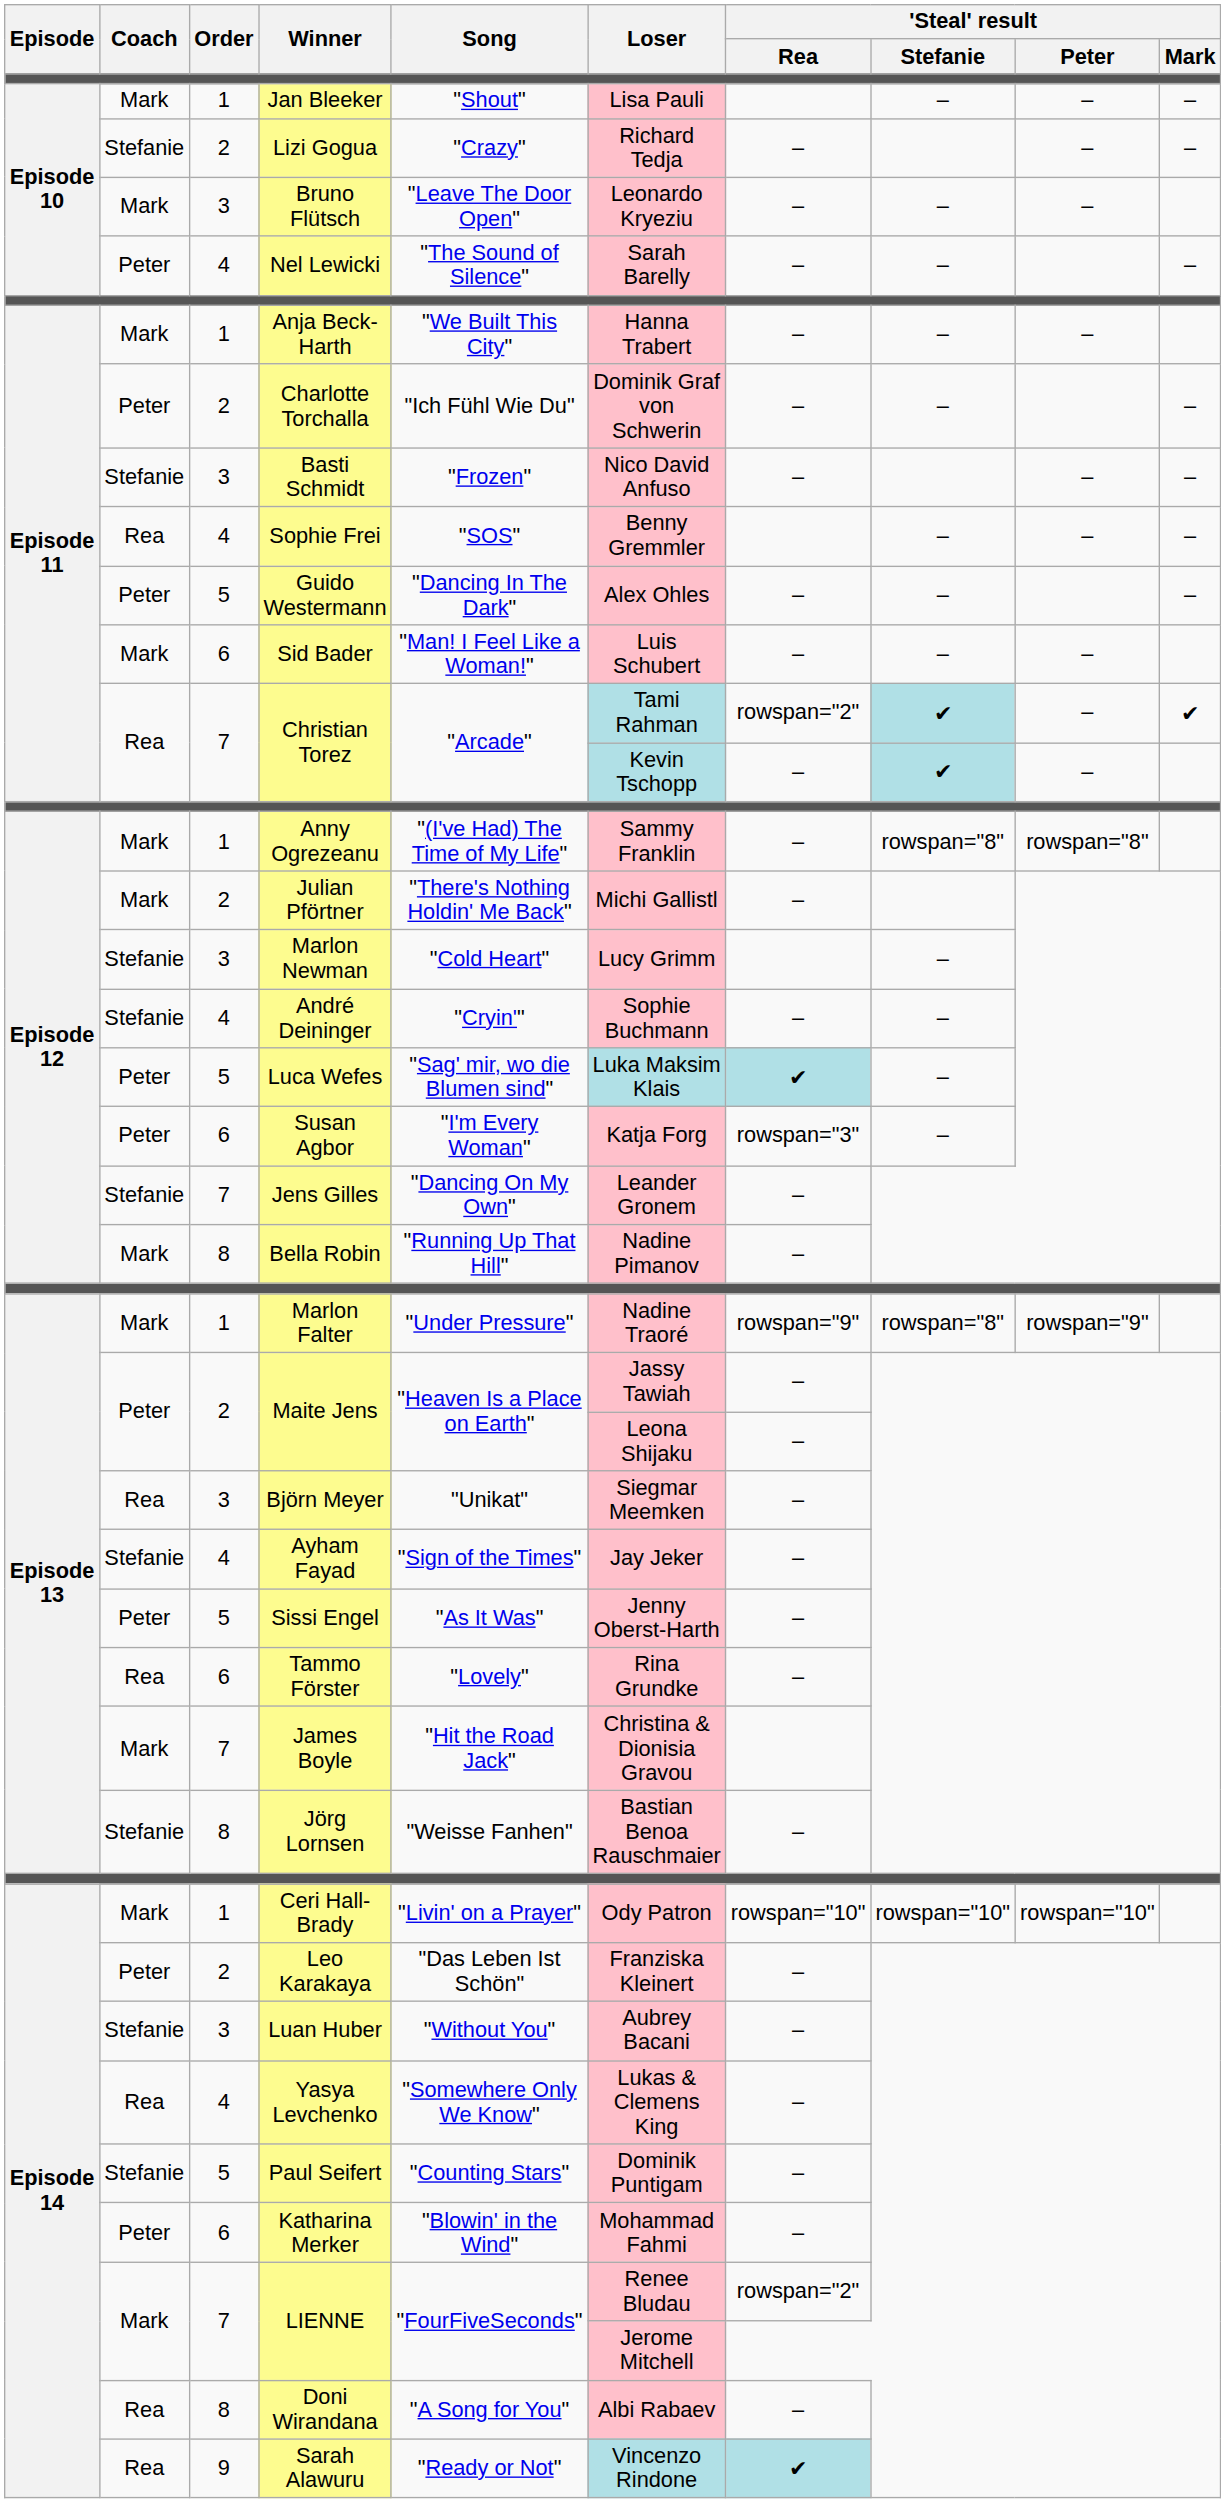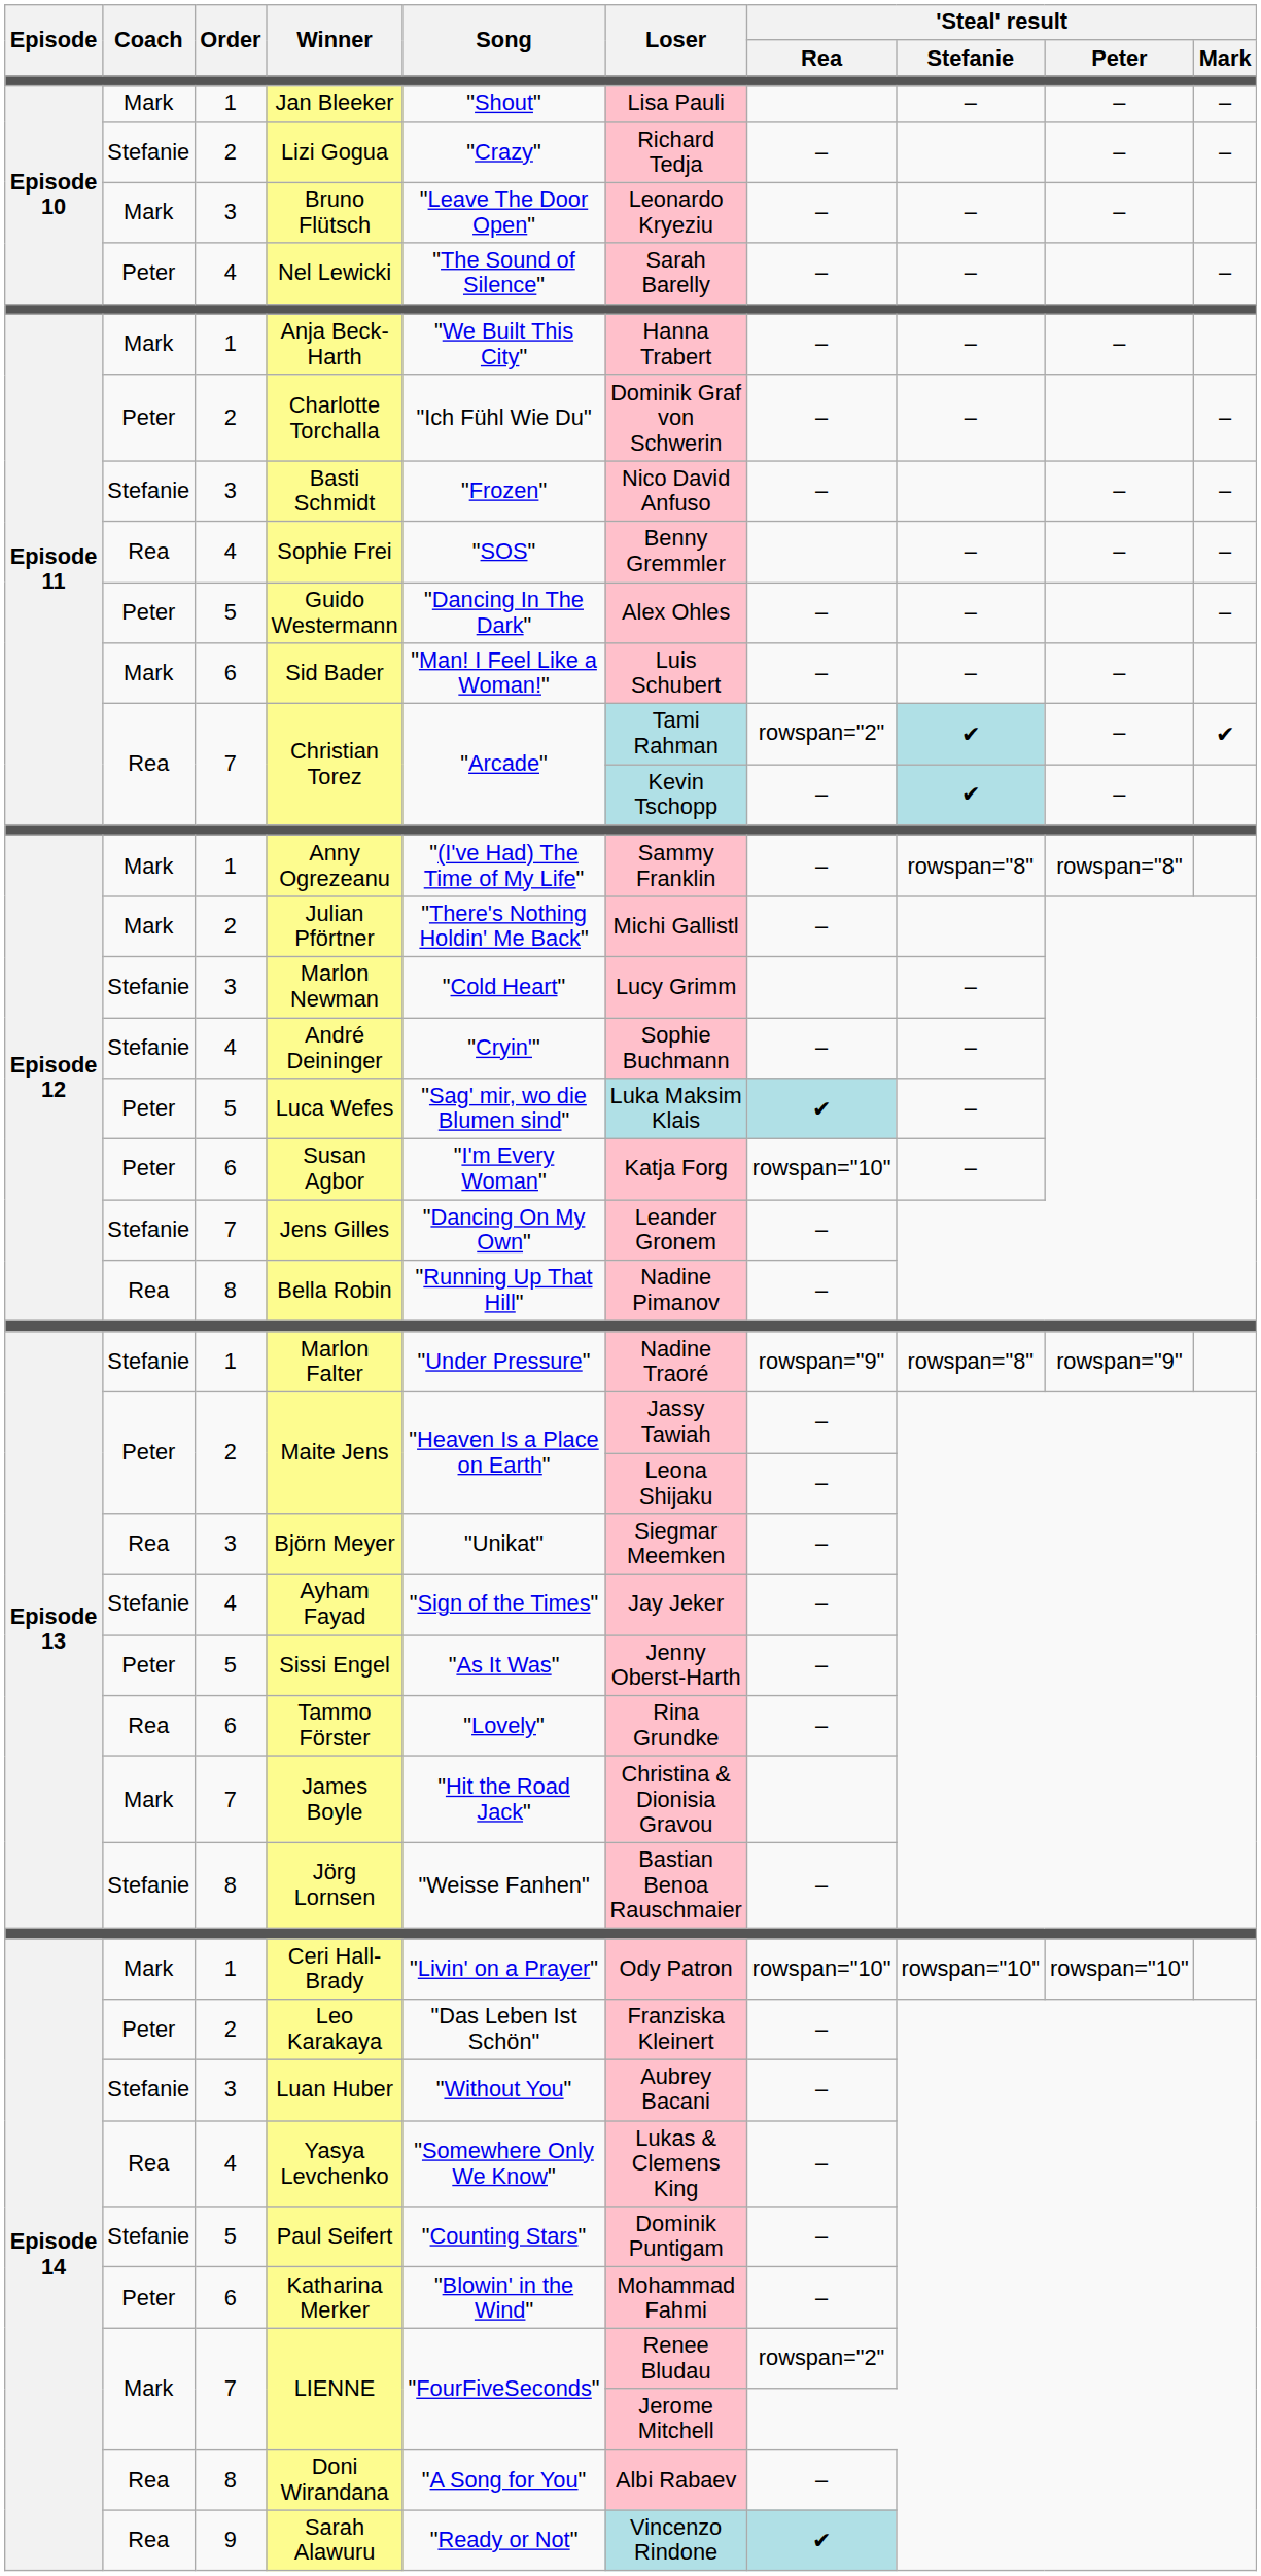 <table class="wikitable" style="text-align: center; width:100%;">
 <tr>
 <th rowspan="2" style="width:07%;">Episode</th>
 <th rowspan="2" style="width:08%;">Coach</th>
 <th rowspan="2" style="width:02%;">Order</th>
 <th rowspan="2" style="width:18%;">Winner</th>
 <th rowspan="2" style="width:20%;">Song</th>
 <th rowspan="2" style="width:18%;">Loser</th>
 <th colspan="4" style="width:25%;">'Steal' result</th>
 </tr>
 <tr>
 <th style="width:06%;">Rea</th>
 <th style="width:06%;">Stefanie</th>
 <th style="width:06%;">Peter</th>
 <th style="width:06%;">Mark</th>
 </tr>
 <tr>
 <td colspan="10" style="background:#555;"></td>
 </tr>
 <tr>
 <th rowspan="4">Episode 10<br></th>
 <td>Mark</td>
 <td>1</td>
 <td style="background:#FDFC8F;">Jan Bleeker</td>
 <td>"<a href='#'>Shout</a>"</td>
 <td style="background: pink;">Lisa Pauli</td>
 <td></td>
 <td>–</td>
 <td>–</td>
 <td>–</td>
 </tr>
 <tr>
 <td>Stefanie</td>
 <td>2</td>
 <td style="background:#FDFC8F;">Lizi Gogua</td>
 <td>"<a href='#'>Crazy</a>"</td>
 <td style="background: pink;">Richard Tedja</td>
 <td>–</td>
 <td></td>
 <td>–</td>
 <td>–</td>
 </tr>
 <tr>
 <td>Mark</td>
 <td>3</td>
 <td style="background:#FDFC8F;">Bruno Flütsch</td>
 <td>"<a href='#'>Leave The Door Open</a>"</td>
 <td style="background: pink;">Leonardo Kryeziu</td>
 <td>–</td>
 <td>–</td>
 <td>–</td>
 <td></td>
 </tr>
 <tr>
 <td>Peter</td>
 <td>4</td>
 <td style="background:#FDFC8F;">Nel Lewicki</td>
 <td>"<a href='#'>The Sound of Silence</a>"</td>
 <td style="background: pink;">Sarah Barelly</td>
 <td>–</td>
 <td>–</td>
 <td></td>
 <td>–</td>
 </tr>
 <tr>
 <td colspan="10" style="background:#555"></td>
 </tr>
 <tr>
 <th rowspan="8">Episode 11<br></th>
 <td>Mark</td>
 <td>1</td>
 <td style="background:#FDFC8F;">Anja Beck-Harth</td>
 <td>"<a href='#'>We Built This City</a>"</td>
 <td style="background: pink;">Hanna Trabert</td>
 <td>–</td>
 <td>–</td>
 <td>–</td>
 <td></td>
 </tr>
 <tr>
 <td>Peter</td>
 <td>2</td>
 <td style="background:#FDFC8F;">Charlotte Torchalla</td>
 <td>"Ich Fühl Wie Du"</td>
 <td style="background: pink;">Dominik Graf von Schwerin</td>
 <td>–</td>
 <td>–</td>
 <td></td>
 <td>–</td>
 </tr>
 <tr>
 <td>Stefanie</td>
 <td>3</td>
 <td style="background:#FDFC8F;">Basti Schmidt</td>
 <td>"<a href='#'>Frozen</a>"</td>
 <td style="background: pink;">Nico David Anfuso</td>
 <td>–</td>
 <td></td>
 <td>–</td>
 <td>–</td>
 </tr>
 <tr>
 <td>Rea</td>
 <td>4</td>
 <td style="background:#FDFC8F;">Sophie Frei</td>
 <td>"<a href='#'>SOS</a>"</td>
 <td style="background: pink;">Benny Gremmler</td>
 <td></td>
 <td>–</td>
 <td>–</td>
 <td>–</td>
 </tr>
 <tr>
 <td>Peter</td>
 <td>5</td>
 <td style="background:#FDFC8F;">Guido Westermann</td>
 <td>"<a href='#'>Dancing In The Dark</a>"</td>
 <td style="background: pink;">Alex Ohles</td>
 <td>–</td>
 <td>–</td>
 <td></td>
 <td>–</td>
 </tr>
 <tr>
 <td>Mark</td>
 <td>6</td>
 <td style="background:#FDFC8F;">Sid Bader</td>
 <td>"<a href='#'>Man! I Feel Like a Woman!</a>"</td>
 <td style="background: pink;">Luis Schubert</td>
 <td>–</td>
 <td>–</td>
 <td>–</td>
 <td></td>
 </tr>
 <tr>
 <td rowspan="2">Rea</td>
 <td rowspan="2">7</td>
 <td rowspan="2" style="background:#FDFC8F;">Christian Torez</td>
 <td rowspan="2">"<a href='#'>Arcade</a>"</td>
 <td style="background: #b0e0e6;">Tami Rahman</td>
 <td>rowspan="2" </td>
 <td style="background:#b0e0e6">✔</td>
 <td>–</td>
 <td>✔</td>
 </tr>
 <tr>
 <td style="background: #b0e0e6;">Kevin Tschopp</td>
 <td>–</td>
 <td style="background:#b0e0e6">✔</td>
 <td>–</td>
 </tr>
 <tr>
 <td colspan="10" style="background:#555"></td>
 </tr>
 <tr>
 <th rowspan="8">Episode 12<br></th>
 <td>Mark</td>
 <td>1</td>
 <td style="background:#FDFC8F;">Anny Ogrezeanu</td>
 <td>"<a href='#'>(I've Had) The Time of My Life</a>"</td>
 <td style="background: pink;">Sammy Franklin</td>
 <td>–</td>
 <td>rowspan="8" </td>
 <td>rowspan="8" </td>
 <td></td>
 </tr>
 <tr>
 <td>Mark</td>
 <td>2</td>
 <td style="background:#FDFC8F;">Julian Pförtner</td>
 <td>"<a href='#'>There's Nothing Holdin' Me Back</a>"</td>
 <td style="background: pink;">Michi Gallistl</td>
 <td>–</td>
 <td></td>
 </tr>
 <tr>
 <td>Stefanie</td>
 <td>3</td>
 <td style="background:#FDFC8F;">Marlon Newman</td>
 <td>"<a href='#'>Cold Heart</a>"</td>
 <td style="background: pink;">Lucy Grimm</td>
 <td></td>
 <td>–</td>
 </tr>
 <tr>
 <td>Stefanie</td>
 <td>4</td>
 <td style="background:#FDFC8F;">André Deininger</td>
 <td>"<a href='#'>Cryin'</a>"</td>
 <td style="background: pink;">Sophie Buchmann</td>
 <td>–</td>
 <td>–</td>
 </tr>
 <tr>
 <td>Peter</td>
 <td>5</td>
 <td style="background:#FDFC8F;">Luca Wefes</td>
 <td>"<a href='#'>Sag' mir, wo die Blumen sind</a>"</td>
 <td style="background: #b0e0e6;">Luka Maksim Klais</td>
 <td style="background:#b0e0e6">✔</td>
 <td>–</td>
 </tr>
 <tr>
 <td>Peter</td>
 <td>6</td>
 <td style="background:#FDFC8F;">Susan Agbor</td>
 <td>"<a href='#'>I'm Every Woman</a>"</td>
 <td style="background: pink;">Katja Forg</td>
-<td>rowspan="3" </td>
+<td>rowspan="10" </td>
 <td>–</td>
 </tr>
 <tr>
 <td>Stefanie</td>
 <td>7</td>
 <td style="background:#FDFC8F;">Jens Gilles</td>
 <td>"<a href='#'>Dancing On My Own</a>"</td>
 <td style="background: pink;">Leander Gronem</td>
 <td>–</td>
 </tr>
 <tr>
-<td>Mark</td>
+<td>Rea</td>
 <td>8</td>
 <td style="background:#FDFC8F;">Bella Robin</td>
 <td>"<a href='#'>Running Up That Hill</a>"</td>
 <td style="background: pink;">Nadine Pimanov</td>
 <td>–</td>
 </tr>
 <tr>
 <td colspan="10" style="background:#555"></td>
 </tr>
 <tr>
 <th rowspan="9">Episode 13<br></th>
-<td>Mark</td>
+<td>Stefanie</td>
 <td>1</td>
 <td style="background:#FDFC8F;">Marlon Falter</td>
 <td>"<a href='#'>Under Pressure</a>"</td>
 <td style="background: pink;">Nadine Traoré</td>
 <td>rowspan="9" </td>
 <td>rowspan="8" </td>
 <td>rowspan="9" </td>
 <td></td>
 </tr>
 <tr>
 <td rowspan="2">Peter</td>
 <td rowspan="2">2</td>
 <td rowspan="2" style="background:#FDFC8F;">Maite Jens</td>
 <td rowspan="2">"<a href='#'>Heaven Is a Place on Earth</a>"</td>
 <td style="background: pink;">Jassy Tawiah</td>
 <td>–</td>
 </tr>
 <tr>
 <td style="background: pink;">Leona Shijaku</td>
 <td>–</td>
 </tr>
 <tr>
 <td>Rea</td>
 <td>3</td>
 <td style="background:#FDFC8F;">Björn Meyer</td>
 <td>"Unikat"</td>
 <td style="background: pink;">Siegmar Meemken</td>
 <td>–</td>
 </tr>
 <tr>
 <td>Stefanie</td>
 <td>4</td>
 <td style="background:#FDFC8F;">Ayham Fayad</td>
 <td>"<a href='#'>Sign of the Times</a>"</td>
 <td style="background: pink;">Jay Jeker</td>
 <td>–</td>
 </tr>
 <tr>
 <td>Peter</td>
 <td>5</td>
 <td style="background:#FDFC8F;">Sissi Engel</td>
 <td>"<a href='#'>As It Was</a>"</td>
 <td style="background: pink;">Jenny Oberst-Harth</td>
 <td>–</td>
 </tr>
 <tr>
 <td>Rea</td>
 <td>6</td>
 <td style="background:#FDFC8F;">Tammo Förster</td>
 <td>"<a href='#'>Lovely</a>"</td>
 <td style="background: pink;">Rina Grundke</td>
 <td>–</td>
 </tr>
 <tr>
 <td>Mark</td>
 <td>7</td>
 <td style="background:#FDFC8F;">James Boyle</td>
 <td>"<a href='#'>Hit the Road Jack</a>"</td>
 <td style="background: pink;">Christina & Dionisia Gravou</td>
 <td></td>
 </tr>
 <tr>
 <td>Stefanie</td>
 <td>8</td>
 <td style="background:#FDFC8F;">Jörg Lornsen</td>
 <td>"Weisse Fanhen"</td>
 <td style="background: pink;">Bastian Benoa Rauschmaier</td>
 <td>–</td>
 </tr>
 <tr>
 <td colspan="10" style="background:#555"></td>
 </tr>
 <tr>
 <th rowspan="10">Episode 14<br></th>
 <td>Mark</td>
 <td>1</td>
 <td style="background:#FDFC8F;">Ceri Hall-Brady</td>
 <td>"<a href='#'>Livin' on a Prayer</a>"</td>
 <td style="background: pink;">Ody Patron</td>
 <td>rowspan="10" </td>
 <td>rowspan="10" </td>
 <td>rowspan="10" </td>
 <td></td>
 </tr>
 <tr>
 <td>Peter</td>
 <td>2</td>
 <td style="background:#FDFC8F;">Leo Karakaya</td>
 <td>"Das Leben Ist Schön"</td>
 <td style="background: pink;">Franziska Kleinert</td>
 <td>–</td>
 </tr>
 <tr>
 <td>Stefanie</td>
 <td>3</td>
 <td style="background:#FDFC8F;">Luan Huber</td>
 <td>"<a href='#'>Without You</a>"</td>
 <td style="background: pink;">Aubrey Bacani</td>
 <td>–</td>
 </tr>
 <tr>
 <td>Rea</td>
 <td>4</td>
 <td style="background:#FDFC8F;">Yasya Levchenko</td>
 <td>"<a href='#'>Somewhere Only We Know</a>"</td>
 <td style="background: pink;">Lukas & Clemens King</td>
 <td>–</td>
 </tr>
 <tr>
 <td>Stefanie</td>
 <td>5</td>
 <td style="background:#FDFC8F;">Paul Seifert</td>
 <td>"<a href='#'>Counting Stars</a>"</td>
 <td style="background: pink;">Dominik Puntigam</td>
 <td>–</td>
 </tr>
 <tr>
 <td>Peter</td>
 <td>6</td>
 <td style="background:#FDFC8F;">Katharina Merker</td>
 <td>"<a href='#'>Blowin' in the Wind</a>"</td>
 <td style="background: pink;">Mohammad Fahmi</td>
 <td>–</td>
 </tr>
 <tr>
 <td rowspan="2">Mark</td>
 <td rowspan="2">7</td>
 <td rowspan="2" style="background:#FDFC8F;">LIENNE</td>
 <td rowspan="2">"<a href='#'>FourFiveSeconds</a>"</td>
 <td style="background: pink;">Renee Bludau</td>
 <td>rowspan="2" </td>
 </tr>
 <tr>
 <td style="background: pink;">Jerome Mitchell</td>
 </tr>
 <tr>
 <td>Rea</td>
 <td>8</td>
 <td style="background:#FDFC8F;">Doni Wirandana</td>
 <td>"<a href='#'>A Song for You</a>"</td>
 <td style="background: pink;">Albi Rabaev</td>
 <td>–</td>
 </tr>
 <tr>
 <td>Rea</td>
 <td>9</td>
 <td style="background:#FDFC8F;">Sarah Alawuru</td>
 <td>"<a href='#'>Ready or Not</a>"</td>
 <td style="background:#b0e0e6">Vincenzo Rindone</td>
 <td style="background:#b0e0e6">✔</td>
 </tr>
 </table>
